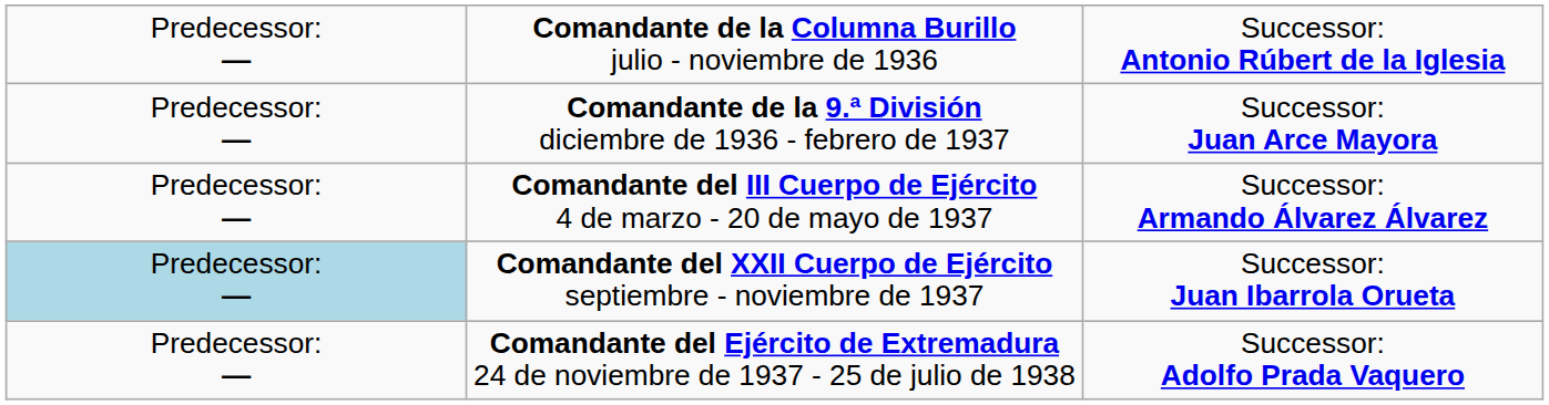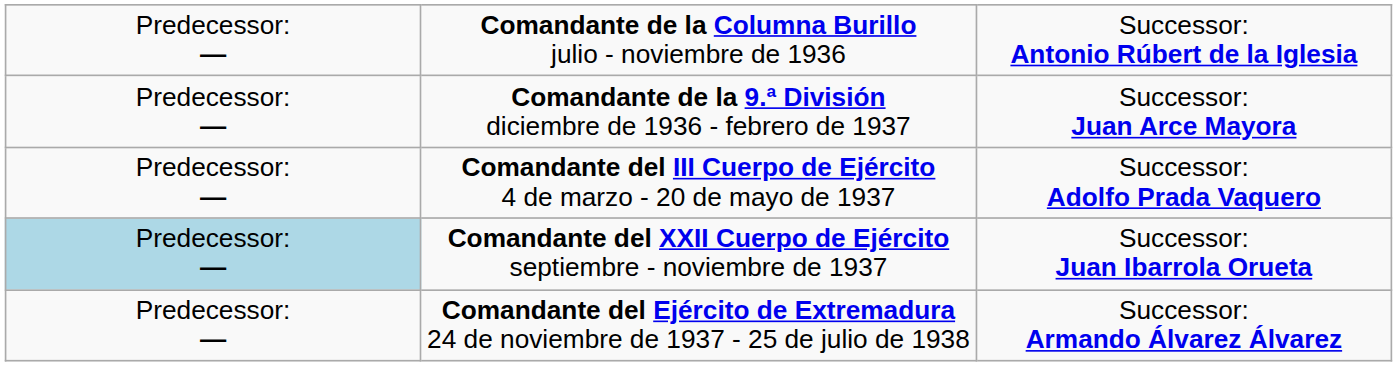 <table class="wikitable" style="border-collapse: collapse; margin:0 auto;">
 <tr style="text-align: center;">
 <td width="30%">Predecessor:<br><strong> — </strong></td>
 <td width="40%"><strong>Comandante de la <a href='#'>Columna Burillo</a></strong><br>julio - noviembre de 1936</td>
 <td width="30%">Successor:<br><strong> <a href='#'>Antonio Rúbert de la Iglesia</a> </strong></td>
 </tr>
 <tr style="text-align: center;">
 <td width="30%">Predecessor:<br><strong> — </strong></td>
 <td width="40%"><strong>Comandante de la <a href='#'>9.ª División</a></strong><br>diciembre de 1936 - febrero de 1937</td>
 <td width="30%">Successor:<br><strong> <a href='#'>Juan Arce Mayora</a> </strong></td>
 </tr>
 <tr style="text-align: center;">
 <td width="30%">Predecessor:<br><strong> — </strong></td>
 <td width="40%"><strong>Comandante del <a href='#'>III Cuerpo de Ejército</a></strong><br>4 de marzo - 20 de mayo de 1937</td>
-<td width="30%">Successor:<br><strong> <a href='#'>Armando Álvarez Álvarez</a> </strong></td>
+<td width="30%">Successor:<br><strong> <a href='#'>Adolfo Prada Vaquero</a> </strong></td>
 </tr>
 <tr style="text-align: center;">
 <td width="30%" style="background: lightblue;">Predecessor:<br><strong> — </strong></td>
 <td width="40%"><strong>Comandante del <a href='#'>XXII Cuerpo de Ejército</a></strong><br>septiembre - noviembre de 1937</td>
 <td width="30%">Successor:<br><strong> <a href='#'>Juan Ibarrola Orueta</a> </strong></td>
 </tr>
 <tr style="text-align: center;">
 <td width="30%">Predecessor:<br><strong> — </strong></td>
 <td width="40%"><strong>Comandante del <a href='#'>Ejército de Extremadura</a></strong><br>24 de noviembre de 1937 - 25 de julio de 1938</td>
-<td width="30%">Successor:<br><strong> <a href='#'>Adolfo Prada Vaquero</a> </strong></td>
+<td width="30%">Successor:<br><strong> <a href='#'>Armando Álvarez Álvarez</a> </strong></td>
 </tr>
 </table>
